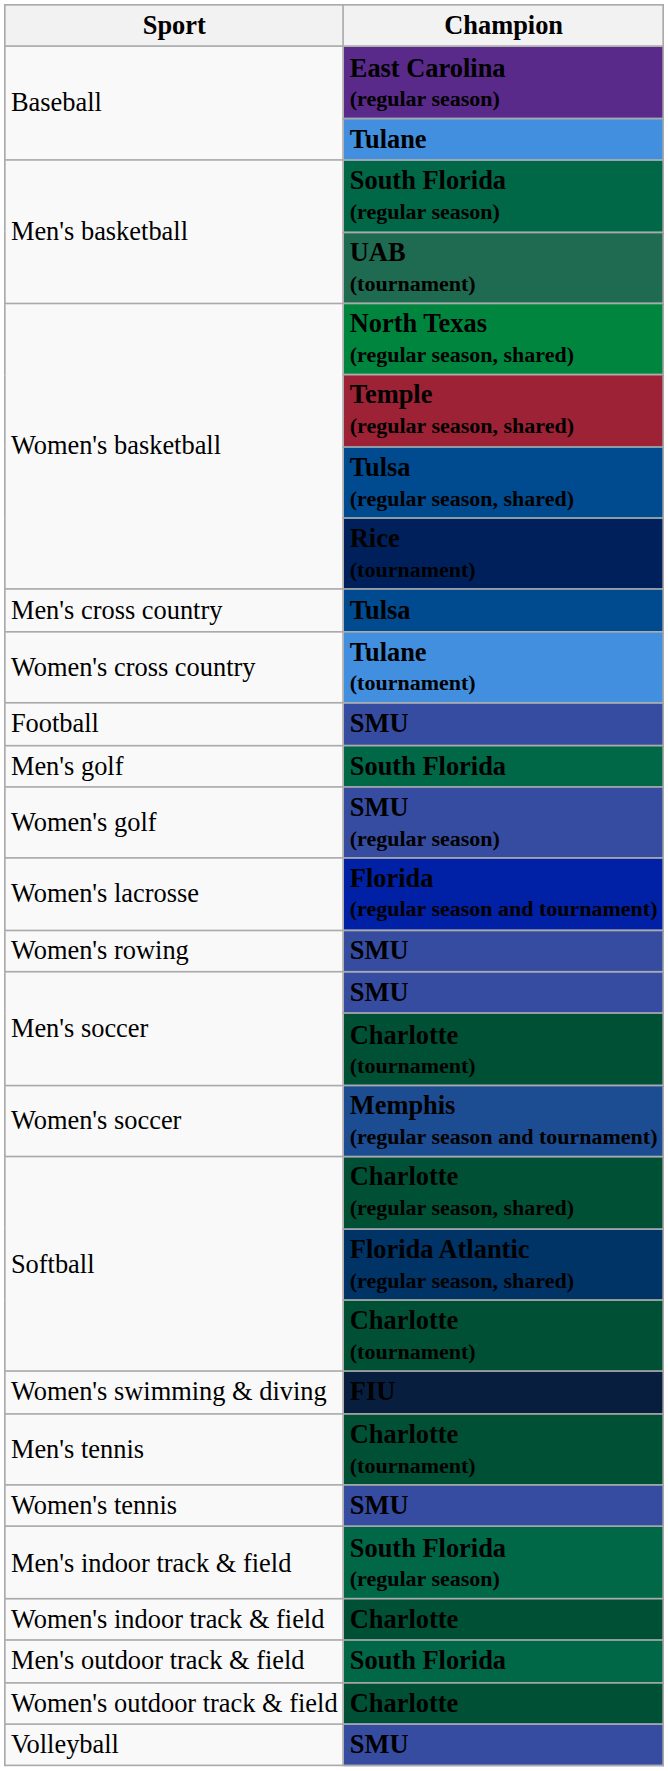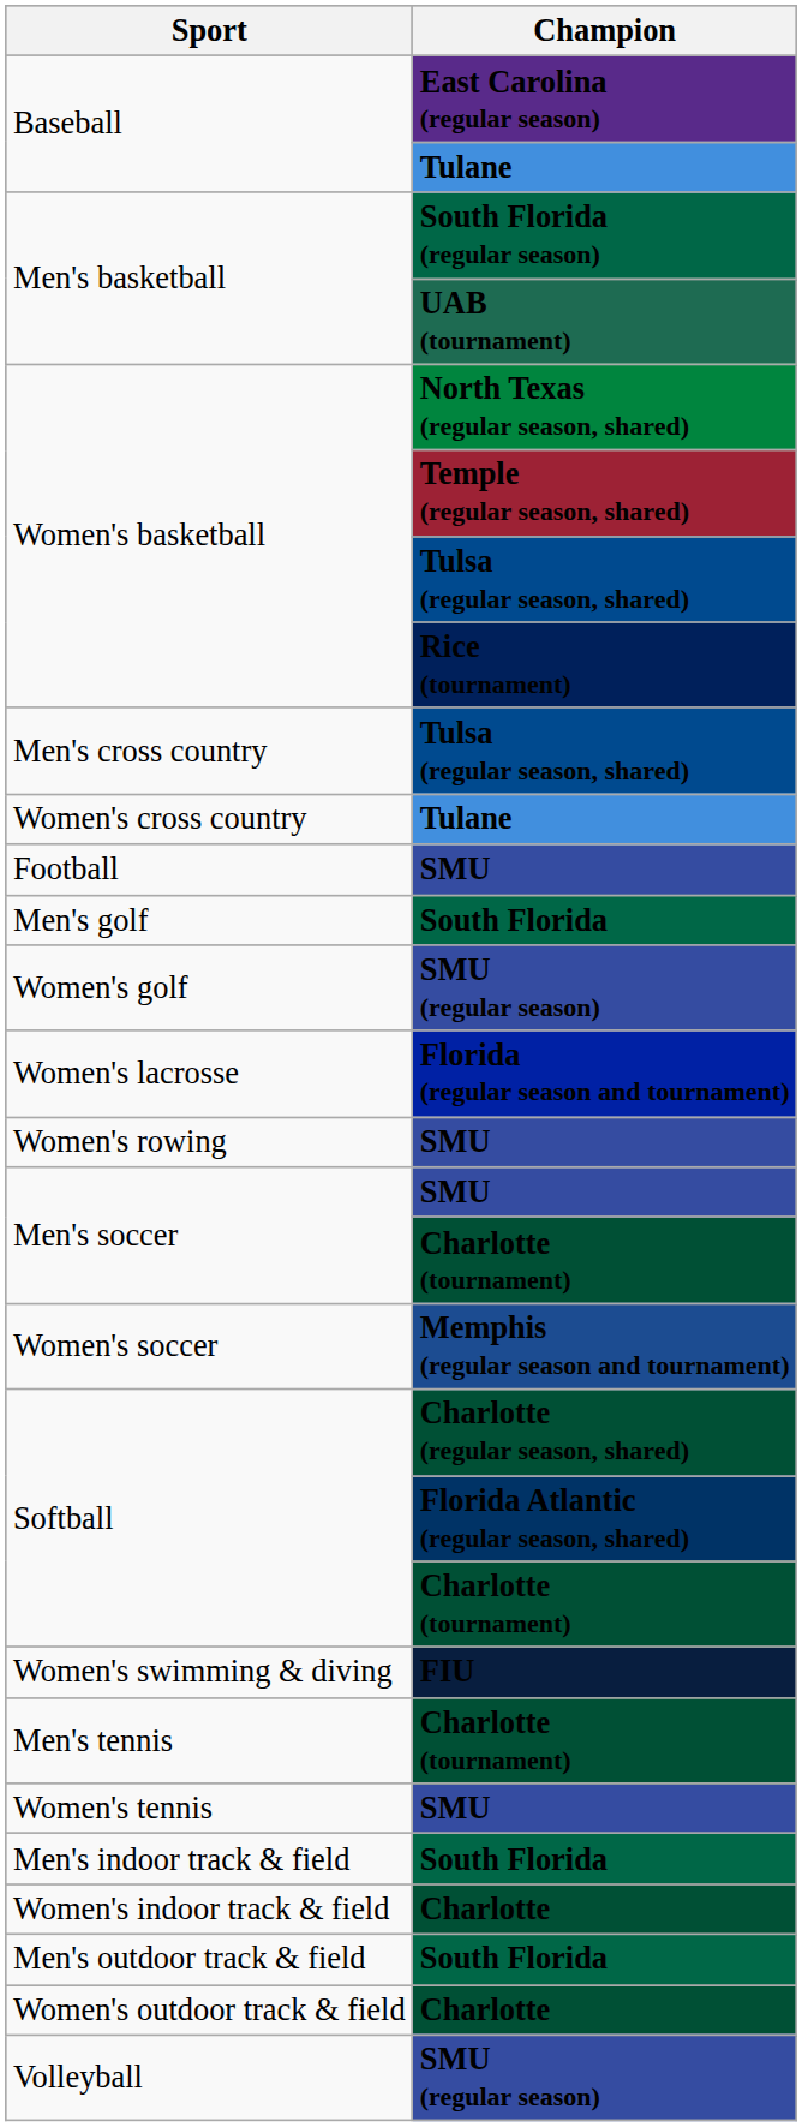 <table class="wikitable">
 <tr>
 <th>Sport</th>
 <th>Champion</th>
 </tr>
 <tr>
 <td rowspan=2>Baseball</td>
 <td style="background:#592A8A;"><span><strong>East Carolina<br><small>(regular season)</small></strong></span></td>
 </tr>
 <tr>
 <td style="background:#418fde;"><span><strong>Tulane</strong></span></td>
 </tr>
 <tr>
 <td rowspan=2>Men's basketball</td>
 <td style="background:#006747;"><span><strong>South Florida<br><small>(regular season)</small></strong></span></td>
 </tr>
 <tr>
 <td style="background:#1e6b52;"><span><strong>UAB<br><small>(tournament)</small></strong></span></td>
 </tr>
 <tr>
 <td rowspan=4>Women's basketball</td>
 <td style="background:#00853e;"><span><strong>North Texas<br><small>(regular season, shared)</small></strong></span></td>
 </tr>
 <tr>
 <td style="background:#9d2235;"><span><strong>Temple<br><small>(regular season, shared)</small></strong></span></td>
 </tr>
 <tr>
 <td style="background:#004a8f;"><span><strong>Tulsa<br><small>(regular season, shared)</small></strong></span></td>
 </tr>
 <tr>
 <td style="background:#00205b;"><span><strong>Rice<br><small>(tournament)</small></strong></span></td>
 </tr>
 <tr>
 <td>Men's cross country</td>
-<td style="background:#004a8f;"><span><strong>Tulsa</strong></span></td>
+<td style="background:#004a8f;"><span><strong>Tulsa<br><small>(regular season, shared)</small></strong></span></td>
 </tr>
 <tr>
 <td>Women's cross country</td>
-<td style="background:#418fde;"><span><strong>Tulane<br><small>(tournament)</small></strong></span></td>
+<td style="background:#418fde;"><span><strong>Tulane</strong></span></td>
 </tr>
 <tr>
 <td>Football</td>
 <td style="background:#354ca1;"><span><strong>SMU</strong></span></td>
 </tr>
 <tr>
 <td>Men's golf</td>
 <td style="background:#006747;"><span><strong>South Florida</strong></span></td>
 </tr>
 <tr>
 <td>Women's golf</td>
 <td style="background:#354ca1;"><span><strong>SMU<br><small>(regular season)</small></strong></span></td>
 </tr>
 <tr>
 <td>Women's lacrosse</td>
 <td style="background:#0021a5;"><span><strong>Florida<br><small>(regular season and tournament)</small></strong></span></td>
 </tr>
 <tr>
 <td>Women's rowing</td>
 <td style="background:#354ca1;"><span><strong>SMU</strong></span></td>
 </tr>
 <tr>
 <td rowspan=2>Men's soccer</td>
 <td style="background:#354ca1;"><span><strong>SMU</strong></span></td>
 </tr>
 <tr>
 <td style="background:#005035;"><span><strong>Charlotte<br><small>(tournament)</small></strong></span></td>
 </tr>
 <tr>
 <td>Women's soccer</td>
 <td style="background:#1c4c91;"><span><strong>Memphis<br><small>(regular season and tournament)</small></strong></span></td>
 </tr>
 <tr>
 <td rowspan=3>Softball</td>
 <td style="background:#005035;"><span><strong>Charlotte<br><small>(regular season, shared)</small></strong></span></td>
 </tr>
 <tr>
 <td style="background:#036;"><span><strong>Florida Atlantic<br><small>(regular season, shared)</small></strong></span></td>
 </tr>
 <tr>
 <td style="background:#005035;"><span><strong>Charlotte<br><small>(tournament)</small></strong></span></td>
 </tr>
 <tr>
 <td>Women's swimming & diving</td>
 <td style="background:#081e3f;"><span><strong>FIU</strong></span></td>
 </tr>
 <tr>
 <td>Men's tennis</td>
 <td style="background:#005035;"><span><strong>Charlotte<br><small>(tournament)</small></strong></span></td>
 </tr>
 <tr>
 <td>Women's tennis</td>
 <td style="background:#354ca1;"><span><strong>SMU</strong></span></td>
 </tr>
 <tr>
 <td>Men's indoor track & field</td>
-<td style="background:#006747;"><span><strong>South Florida<br><small>(regular season)</small></strong></span></td>
+<td style="background:#006747;"><span><strong>South Florida</strong></span></td>
 </tr>
 <tr>
 <td>Women's indoor track & field</td>
 <td style="background:#005035;"><span><strong>Charlotte</strong></span></td>
 </tr>
 <tr>
 <td>Men's outdoor track & field</td>
 <td style="background:#006747;"><span><strong>South Florida</strong></span></td>
 </tr>
 <tr>
 <td>Women's outdoor track & field</td>
 <td style="background:#005035;"><span><strong>Charlotte</strong></span></td>
 </tr>
 <tr>
 <td>Volleyball</td>
-<td style="background:#354ca1;"><span><strong>SMU</strong></span></td>
+<td style="background:#354ca1;"><span><strong>SMU<br><small>(regular season)</small></strong></span></td>
 </tr>
 </table>
